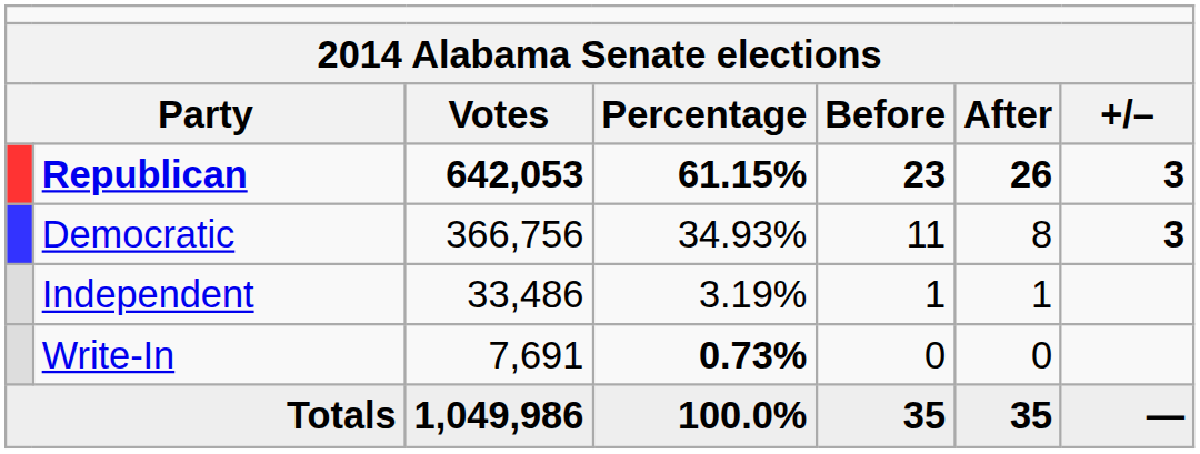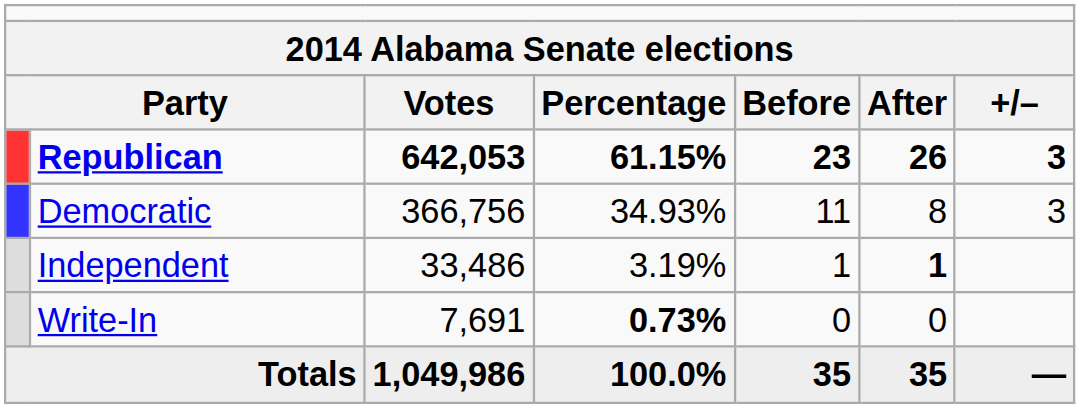 <table class="wikitable" style="font-size:95%;">
 <tr>
 <td colspan="15" style="text-align:center;"></td>
 </tr>
 <tr>
 <th colspan="9">2014 Alabama Senate elections</th>
 </tr>
 <tr>
 <th colspan=2 style="width: 10em">Party</th>
 <th style="width: 4em">Votes</th>
 <th style="width: 5em">Percentage</th>
 <th style="width: 3em">Before</th>
 <th style="width: 1em">After</th>
 <th style="width: 3em">+/–</th>
 </tr>
 <tr>
 <th style="background:#f33; width:3px;"></th>
 <td style="width: 130px"><strong><a href='#'>Republican</a></strong></td>
 <td style="text-align:right;"><strong>642,053</strong></td>
 <td style="text-align:right;"><strong>61.15%</strong></td>
 <td style="text-align:right;"><strong>23</strong></td>
 <td style="text-align:right;"><strong>26</strong></td>
 <td style="text-align:right;"><strong> 3</strong></td>
 </tr>
 <tr>
 <th style="background:#33f; width:3px;"></th>
 <td style="width: 130px"><a href='#'>Democratic</a></td>
 <td style="text-align:right;">366,756</td>
 <td style="text-align:right;">34.93%</td>
 <td style="text-align:right;">11</td>
 <td style="text-align:right;">8</td>
-<td style="text-align:right;"><strong> 3</strong></td>
+<td style="text-align:right;"> 3</td>
 </tr>
 <tr>
 <th style="background:#ddd; width:3px;"></th>
 <td style="width: 130px"><a href='#'>Independent</a></td>
 <td style="text-align:right;">33,486</td>
 <td style="text-align:right;">3.19%</td>
 <td style="text-align:right;">1</td>
-<td style="text-align:right;">1</td>
+<td style="text-align:right;"><strong>1</strong></td>
 <td style="text-align:right;"></td>
 </tr>
 <tr>
 <th style="background:#ddd; width:3px;"></th>
 <td style="width: 130px"><a href='#'>Write-In</a></td>
 <td style="text-align:right;">7,691</td>
 <td style="text-align:right;"><strong>0.73%</strong></td>
 <td style="text-align:right;">0</td>
 <td style="text-align:right;">0</td>
 <td style="text-align:right;"></td>
 </tr>
 <tr style="background:#eee; text-align:right;">
 <td colspan="2"><strong>Totals</strong></td>
 <td><strong>1,049,986</strong></td>
 <td><strong>100.0%</strong></td>
 <td><strong>35</strong></td>
 <td><strong>35</strong></td>
 <td><strong>—</strong></td>
 </tr>
 </table>
